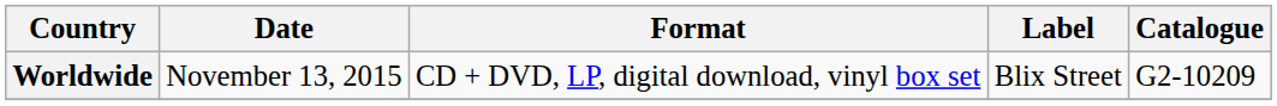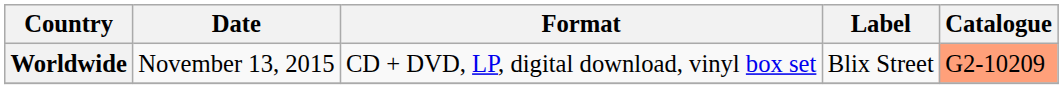 <table class="wikitable plainrowheaders">
 <tr>
 <th scope="col">Country</th>
 <th scope="col">Date</th>
 <th scope="col">Format</th>
 <th scope="col">Label</th>
 <th scope="col">Catalogue</th>
 </tr>
 <tr>
 <th scope="row">Worldwide</th>
 <td>November 13, 2015</td>
 <td>CD + DVD, <a href='#'>LP</a>, digital download, vinyl <a href='#'>box set</a></td>
 <td>Blix Street</td>
-<td>G2-10209</td>
+<td style="background: lightsalmon;">G2-10209</td>
 </tr>
 <tr>
 </tr>
 </table>
